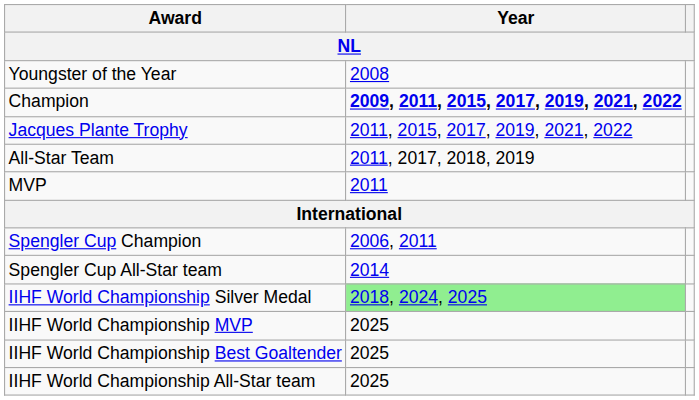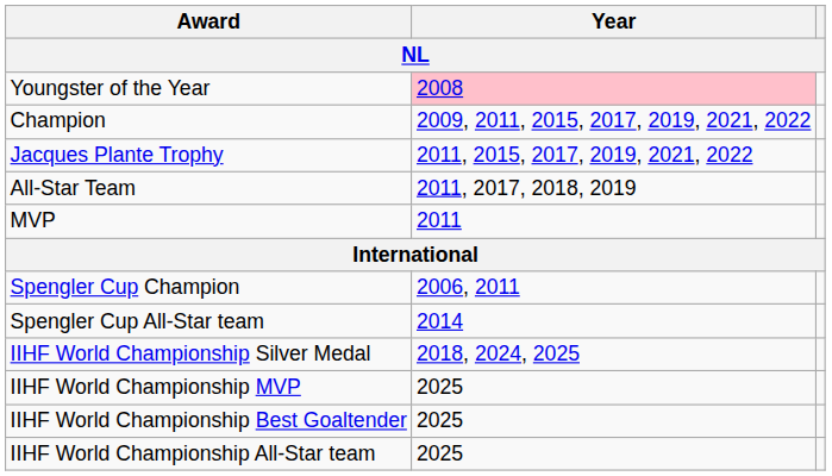 <table class="wikitable">
 <tr>
 <th>Award</th>
 <th>Year</th>
 <th></th>
 </tr>
 <tr ALIGN="center" bgcolor="#e0e0e0">
 <th colspan="3"><a href='#'>NL</a></th>
 </tr>
 <tr>
 <td>Youngster of the Year</td>
-<td><a href='#'>2008</a></td>
+<td style="background: pink;"><a href='#'>2008</a></td>
 <td></td>
 </tr>
 <tr>
 <td>Champion</td>
-<td><strong><a href='#'>2009</a>, <a href='#'>2011</a>, <a href='#'>2015</a>, <a href='#'>2017</a>, <a href='#'>2019</a>, <a href='#'>2021</a>, <a href='#'>2022</a></strong></td>
+<td><a href='#'>2009</a>, <a href='#'>2011</a>, <a href='#'>2015</a>, <a href='#'>2017</a>, <a href='#'>2019</a>, <a href='#'>2021</a>, <a href='#'>2022</a></td>
 <td></td>
 </tr>
 <tr>
 <td><a href='#'>Jacques Plante Trophy</a></td>
 <td><a href='#'>2011</a>, <a href='#'>2015</a>, <a href='#'>2017</a>, <a href='#'>2019</a>, <a href='#'>2021</a>, <a href='#'>2022</a></td>
 <td></td>
 </tr>
 <tr>
 <td>All-Star Team</td>
 <td><a href='#'>2011</a>, 2017, 2018, 2019</td>
 <td></td>
 </tr>
 <tr>
 <td>MVP</td>
 <td><a href='#'>2011</a></td>
 <td></td>
 </tr>
 <tr>
 <th colspan="3">International</th>
 </tr>
 <tr>
 <td><a href='#'>Spengler Cup</a> Champion</td>
 <td><a href='#'>2006</a>, <a href='#'>2011</a></td>
 <td></td>
 </tr>
 <tr>
 <td>Spengler Cup All-Star team</td>
 <td><a href='#'>2014</a></td>
 <td></td>
 </tr>
 <tr>
 <td><a href='#'>IIHF World Championship</a> Silver Medal</td>
-<td style="background: lightgreen;"><a href='#'>2018</a>, <a href='#'>2024</a>, <a href='#'>2025</a></td>
+<td><a href='#'>2018</a>, <a href='#'>2024</a>, <a href='#'>2025</a></td>
 <td></td>
 </tr>
 <tr>
 <td>IIHF World Championship <a href='#'>MVP</a></td>
 <td>2025</td>
 <td></td>
 </tr>
 <tr>
 <td>IIHF World Championship <a href='#'>Best Goaltender</a></td>
 <td>2025</td>
 <td></td>
 </tr>
 <tr>
 <td>IIHF World Championship All-Star team</td>
 <td>2025</td>
 <td></td>
 </tr>
 </table>
